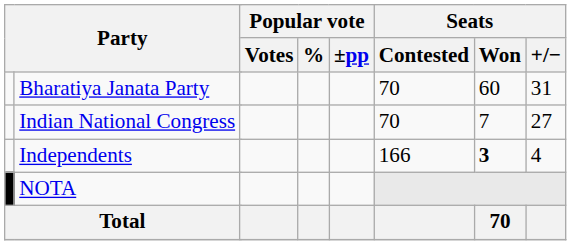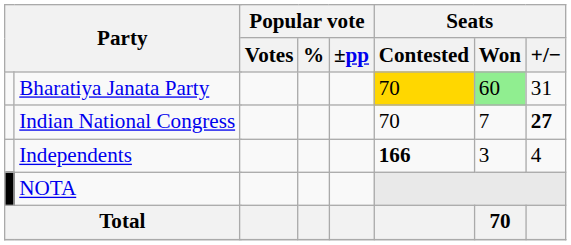 <table class="wikitable">
 <tr>
 <th colspan="4" rowspan="2">Party</th>
 <th colspan="3">Popular vote</th>
 <th colspan="3">Seats</th>
 </tr>
 <tr>
 <th>Votes</th>
 <th>%</th>
 <th>±<a href='#'>pp</a></th>
 <th>Contested</th>
 <th>Won</th>
 <th><strong>+/−</strong></th>
 </tr>
 <tr>
 <td></td>
 <td colspan="3"><a href='#'>Bharatiya Janata Party</a></td>
 <td></td>
 <td></td>
 <td></td>
-<td>70</td>
-<td>60</td>
+<td style="background: gold;">70</td>
+<td style="background: lightgreen;">60</td>
 <td> 31</td>
 </tr>
 <tr>
 <td></td>
 <td colspan="3"><a href='#'>Indian National Congress</a></td>
 <td></td>
 <td></td>
 <td></td>
 <td>70</td>
 <td>7</td>
-<td> 27</td>
+<td><strong> 27</strong></td>
 </tr>
 <tr>
 <td></td>
 <td colspan="3"><a href='#'>Independents</a></td>
 <td></td>
 <td></td>
 <td></td>
-<td>166</td>
-<td><strong>3</strong></td>
+<td><strong>166</strong></td>
+<td>3</td>
 <td> 4</td>
 </tr>
 <tr>
 <td style="background:Black; color:White"></td>
 <td colspan="3"><a href='#'>NOTA</a></td>
 <td></td>
 <td></td>
 <td></td>
 <th colspan="3" style="background-color:#E9E9E9"></th>
 </tr>
 <tr>
 <th colspan="4">Total</th>
 <th></th>
 <th></th>
 <th></th>
 <th></th>
 <th>70</th>
 <th></th>
 </tr>
 <tr>
 </tr>
 </table>
